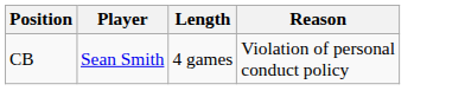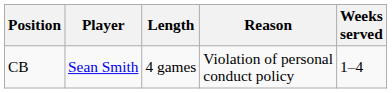 <table class="wikitable sortable">
 <tr>
 <th>Position</th>
 <th>Player</th>
 <th>Length</th>
 <th>Reason</th>
+<th>Weeks<br>served</th>
 </tr>
 <tr>
 <td>CB</td>
 <td><a href='#'>Sean Smith</a></td>
 <td>4 games</td>
 <td>Violation of personal<br>conduct policy</td>
+<td>1–4</td>
 </tr>
 </table>
